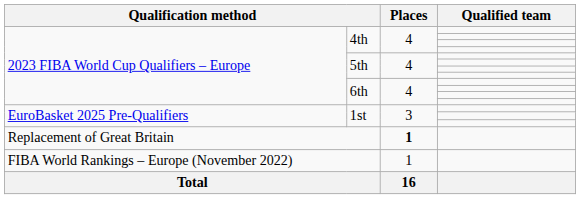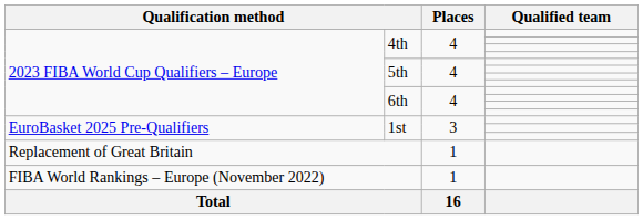 <table class="wikitable" width=650>
 <tr>
 <th colspan=2>Qualification method</th>
 <th>Places</th>
 <th width=150>Qualified team</th>
 </tr>
 <tr>
 <td rowspan=12><a href='#'>2023 FIBA World Cup Qualifiers – Europe</a></td>
 <td rowspan=4>4th</td>
 <td rowspan=4 align=center>4</td>
 <td></td>
 </tr>
 <tr>
 <td></td>
 </tr>
 <tr>
 <td></td>
 </tr>
 <tr>
 <td></td>
 </tr>
 <tr>
 <td rowspan=4>5th</td>
 <td rowspan=4 align=center>4</td>
 <td></td>
 </tr>
 <tr>
 <td></td>
 </tr>
 <tr>
 <td nowrap></td>
 </tr>
 <tr>
 <td></td>
 </tr>
 <tr>
 <td rowspan=4>6th</td>
 <td rowspan=4 align=center>4</td>
 <td><s></s></td>
 </tr>
 <tr>
 <td></td>
 </tr>
 <tr>
 <td></td>
 </tr>
 <tr>
 <td></td>
 </tr>
 <tr>
 <td rowspan=3><a href='#'>EuroBasket 2025 Pre-Qualifiers</a></td>
 <td rowspan=3>1st</td>
 <td rowspan=3 align=center>3</td>
 <td></td>
 </tr>
 <tr>
 <td></td>
 </tr>
 <tr>
 <td></td>
 </tr>
 <tr>
 <td colspan=2>Replacement of Great Britain</td>
-<td align=center><strong>1</strong></td>
+<td align=center>1</td>
 <td></td>
 </tr>
 <tr>
 <td colspan=2>FIBA World Rankings – Europe (November 2022)</td>
 <td align=center>1</td>
 <td></td>
 </tr>
 <tr>
 <th colspan=2>Total</th>
 <th>16</th>
 <th></th>
 </tr>
 </table>
